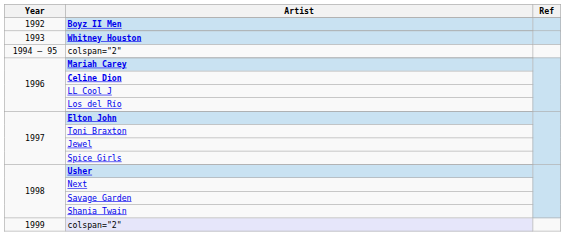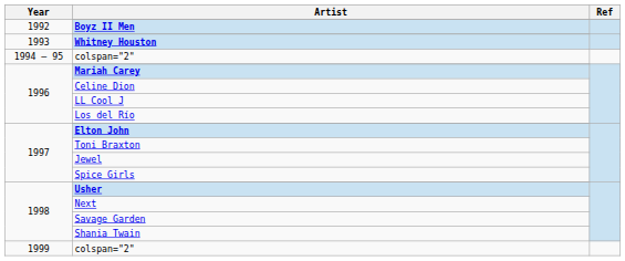 <table class="wikitable" style="width:100%;">
 <tr style="background:#bebebe;">
 <th style="width:11%;">Year</th>
 <th style="width:84%;">Artist</th>
 <th style="width:5%;">Ref</th>
 </tr>
 <tr>
 <td rowspan="2" align="center">1992</td>
 </tr>
 <tr style="background:#c9e2f2">
 <td><strong><a href='#'>Boyz II Men</a></strong></td>
 <td rowspan="2" align="center"></td>
 </tr>
 <tr>
 <td rowspan="2" align="center">1993</td>
 </tr>
 <tr style="background:#c9e2f2">
 <td><strong><a href='#'>Whitney Houston</a></strong></td>
 <td align="center"></td>
 </tr>
 <tr>
 <td align="center">1994 – 95</td>
 <td>colspan="2" </td>
 </tr>
 <tr>
 <td rowspan="5" align="center">1996</td>
 </tr>
 <tr style="background:#c9e2f2">
 <td><strong><a href='#'>Mariah Carey</a></strong></td>
 <td rowspan="5" align="center"></td>
 </tr>
 <tr>
-<td><strong><a href='#'>Celine Dion</a></strong></td>
+<td><a href='#'>Celine Dion</a></td>
 </tr>
 <tr>
 <td><a href='#'>LL Cool J</a></td>
 </tr>
 <tr>
 <td><a href='#'>Los del Río</a></td>
 </tr>
 <tr>
 <td rowspan="5" align="center">1997</td>
 </tr>
 <tr style="background:#c9e2f2">
 <td><strong><a href='#'>Elton John</a></strong></td>
 <td rowspan="5" align="center"></td>
 </tr>
 <tr>
 <td><a href='#'>Toni Braxton</a></td>
 </tr>
 <tr>
 <td><a href='#'>Jewel</a></td>
 </tr>
 <tr>
 <td><a href='#'>Spice Girls</a></td>
 </tr>
 <tr>
 <td rowspan="5" align="center">1998</td>
 </tr>
 <tr style="background:#c9e2f2">
 <td><strong><a href='#'>Usher</a></strong></td>
 <td rowspan="4" align="center"></td>
 </tr>
 <tr>
 <td><a href='#'>Next</a></td>
 </tr>
 <tr>
 <td><a href='#'>Savage Garden</a></td>
 </tr>
 <tr>
 <td><a href='#'>Shania Twain</a></td>
 </tr>
 <tr>
 <td align="center">1999</td>
-<td style="background: lavender;">colspan="2" </td>
+<td>colspan="2" </td>
 </tr>
 </table>
